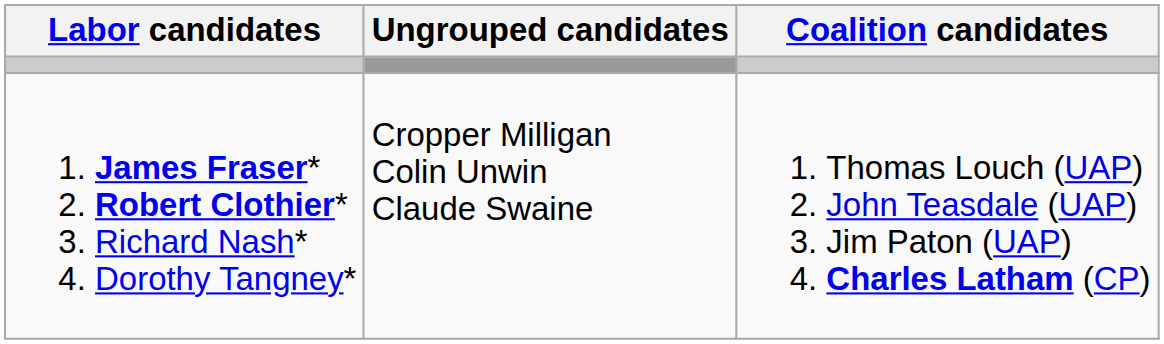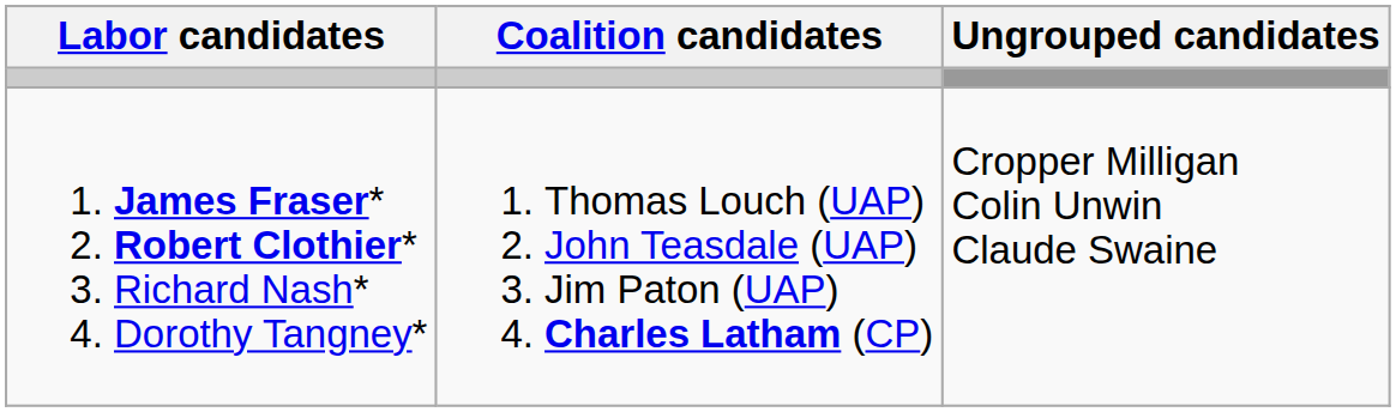 <table class="wikitable">
 <tr>
 <th><a href='#'>Labor</a> candidates</th>
+<th><a href='#'>Coalition</a> candidates</th>
 <th>Ungrouped candidates</th>
-<th><a href='#'>Coalition</a> candidates</th>
 </tr>
 <tr bgcolor="#cccccc">
 <td></td>
+<td></td>
 <td bgcolor="#999999"></td>
-<td></td>
 </tr>
 <tr>
 <td><br><ol><li><strong><a href='#'>James Fraser</a></strong>*</li><li><strong><a href='#'>Robert Clothier</a></strong>*</li><li><a href='#'>Richard Nash</a>*</li><li><a href='#'>Dorothy Tangney</a>*</li></ol></td>
+<td valign=top><br><ol><li>Thomas Louch (<a href='#'>UAP</a>)</li><li><a href='#'>John Teasdale</a> (<a href='#'>UAP</a>)</li><li>Jim Paton (<a href='#'>UAP</a>)</li><li><strong><a href='#'>Charles Latham</a></strong> (<a href='#'>CP</a>)</li></ol></td>
 <td valign=top><br>Cropper Milligan<br> Colin Unwin<br> Claude Swaine</td>
-<td valign=top><br><ol><li>Thomas Louch (<a href='#'>UAP</a>)</li><li><a href='#'>John Teasdale</a> (<a href='#'>UAP</a>)</li><li>Jim Paton (<a href='#'>UAP</a>)</li><li><strong><a href='#'>Charles Latham</a></strong> (<a href='#'>CP</a>)</li></ol></td>
 </tr>
 </table>
